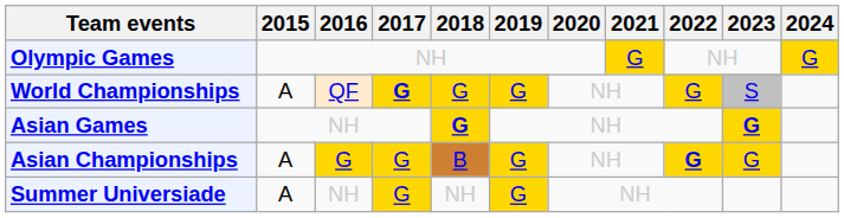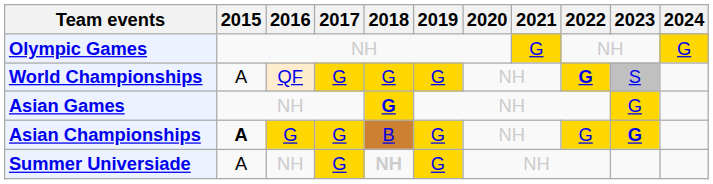 <table style='font-size: 90%; text-align:center;' class='wikitable'>
 <tr>
 <th style="width:160px;" class=unsortable>Team events</th>
 <th>2015</th>
 <th>2016</th>
 <th>2017</th>
 <th>2018</th>
 <th>2019</th>
 <th>2020</th>
 <th>2021</th>
 <th>2022</th>
 <th>2023</th>
 <th>2024</th>
 </tr>
 <tr>
 <td bgcolor="#ECF2FF"; align="left"><strong><a href='#'>Olympic Games</a></strong></td>
 <td colspan="6" style=color:#ccc>NH</td>
 <td bgcolor=gold><a href='#'>G</a></td>
 <td colspan="2" style=color:#ccc>NH</td>
 <td bgcolor=gold><a href='#'>G</a></td>
 </tr>
 <tr>
 <td bgcolor="#ECF2FF"; align="left"><strong><a href='#'>World Championships</a></strong></td>
 <td>A</td>
 <td bgcolor=FFEBCD><a href='#'>QF</a></td>
-<td bgcolor=gold><strong><a href='#'>G</a></strong></td>
+<td bgcolor=gold><a href='#'>G</a></td>
 <td bgcolor=gold><a href='#'>G</a></td>
 <td bgcolor=gold><a href='#'>G</a></td>
 <td colspan="2" style=color:#ccc>NH</td>
-<td bgcolor=gold><a href='#'>G</a></td>
+<td bgcolor=gold><strong><a href='#'>G</a></strong></td>
 <td bgcolor=silver><a href='#'>S</a></td>
 <td></td>
 </tr>
 <tr>
 <td bgcolor="#ECF2FF"; align="left"><strong><a href='#'>Asian Games</a></strong></td>
 <td colspan="3" style=color:#ccc>NH</td>
 <td bgcolor=gold><strong><a href='#'>G</a></strong></td>
 <td colspan="4" style=color:#ccc>NH</td>
-<td bgcolor=gold><strong><a href='#'>G</a></strong></td>
+<td bgcolor=gold><a href='#'>G</a></td>
 <td></td>
 </tr>
 <tr>
 <td bgcolor="#ECF2FF"; align="left"><strong><a href='#'>Asian Championships</a></strong></td>
-<td>A</td>
+<td><strong>A</strong></td>
 <td bgcolor=gold><a href='#'>G</a></td>
 <td bgcolor=gold><a href='#'>G</a></td>
 <td bgcolor=CD7F32><a href='#'>B</a></td>
 <td bgcolor=gold><a href='#'>G</a></td>
 <td colspan="2" style=color:#ccc>NH</td>
+<td bgcolor=gold><a href='#'>G</a></td>
 <td bgcolor=gold><strong><a href='#'>G</a></strong></td>
-<td bgcolor=gold><a href='#'>G</a></td>
 <td></td>
 </tr>
 <tr>
 <td bgcolor="#ECF2FF"; align="left"><strong><a href='#'>Summer Universiade</a></strong></td>
 <td>A</td>
 <td style=color:#ccc>NH</td>
 <td bgcolor=gold><a href='#'>G</a></td>
-<td style=color:#ccc>NH</td>
+<td style=color:#ccc><strong>NH</strong></td>
 <td bgcolor=gold><a href='#'>G</a></td>
 <td colspan="3" style=color:#ccc>NH</td>
 <td></td>
 <td></td>
 </tr>
 </table>
